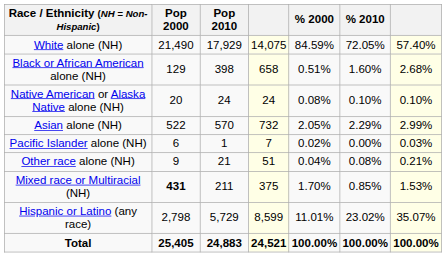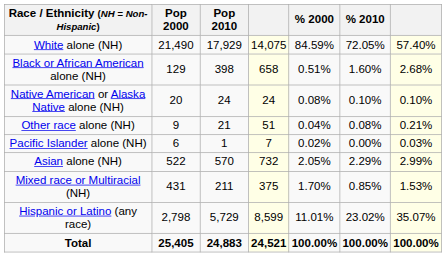 <table class="wikitable" style="text-align:center;">
 <tr>
 <th>Race / Ethnicity <small>(<em>NH = Non-Hispanic</em>)</small></th>
 <th>Pop 2000</th>
 <th>Pop 2010</th>
 <th></th>
 <th>% 2000</th>
 <th>% 2010</th>
 <th></th>
 </tr>
 <tr>
 <td><a href='#'>White</a> alone (NH)</td>
 <td>21,490</td>
 <td>17,929</td>
 <td style='background: #ffffe6;'>14,075</td>
 <td>84.59%</td>
 <td>72.05%</td>
 <td style='background: #ffffe6;'>57.40%</td>
 </tr>
 <tr>
 <td><a href='#'>Black or African American</a> alone (NH)</td>
 <td>129</td>
 <td>398</td>
 <td style='background: #ffffe6;'>658</td>
 <td>0.51%</td>
 <td>1.60%</td>
 <td style='background: #ffffe6;'>2.68%</td>
 </tr>
 <tr>
 <td><a href='#'>Native American</a> or <a href='#'>Alaska Native</a> alone (NH)</td>
 <td>20</td>
 <td>24</td>
 <td style='background: #ffffe6;'>24</td>
 <td>0.08%</td>
 <td>0.10%</td>
 <td style='background: #ffffe6;'>0.10%</td>
 </tr>
 <tr>
-<td><a href='#'>Asian</a> alone (NH)</td>
-<td>522</td>
-<td>570</td>
-<td style='background: #ffffe6;'>732</td>
-<td>2.05%</td>
-<td>2.29%</td>
-<td style='background: #ffffe6;'>2.99%</td>
+<td><a href='#'>Other race</a> alone (NH)</td>
+<td>9</td>
+<td>21</td>
+<td style='background: #ffffe6;'>51</td>
+<td>0.04%</td>
+<td>0.08%</td>
+<td style='background: #ffffe6;'>0.21%</td>
 </tr>
 <tr>
 <td><a href='#'>Pacific Islander</a> alone (NH)</td>
 <td>6</td>
 <td>1</td>
 <td style='background: #ffffe6;'>7</td>
 <td>0.02%</td>
 <td>0.00%</td>
 <td style='background: #ffffe6;'>0.03%</td>
 </tr>
 <tr>
-<td><a href='#'>Other race</a> alone (NH)</td>
-<td>9</td>
-<td>21</td>
-<td style='background: #ffffe6;'>51</td>
-<td>0.04%</td>
-<td>0.08%</td>
-<td style='background: #ffffe6;'>0.21%</td>
+<td><a href='#'>Asian</a> alone (NH)</td>
+<td>522</td>
+<td>570</td>
+<td style='background: #ffffe6;'>732</td>
+<td>2.05%</td>
+<td>2.29%</td>
+<td style='background: #ffffe6;'>2.99%</td>
 </tr>
 <tr>
 <td><a href='#'>Mixed race or Multiracial</a> (NH)</td>
-<td><strong>431</strong></td>
+<td>431</td>
 <td>211</td>
 <td style='background: #ffffe6;'>375</td>
 <td>1.70%</td>
 <td>0.85%</td>
 <td style='background: #ffffe6;'>1.53%</td>
 </tr>
 <tr>
 <td><a href='#'>Hispanic or Latino</a> (any race)</td>
 <td>2,798</td>
 <td>5,729</td>
 <td style='background: #ffffe6;'>8,599</td>
 <td>11.01%</td>
 <td>23.02%</td>
 <td style='background: #ffffe6;'>35.07%</td>
 </tr>
 <tr>
 <td><strong>Total</strong></td>
 <td><strong>25,405</strong></td>
 <td><strong>24,883</strong></td>
 <td style='background: #ffffe6;'><strong>24,521</strong></td>
 <td><strong>100.00%</strong></td>
 <td><strong>100.00%</strong></td>
 <td style='background: #ffffe6;'><strong>100.00%</strong></td>
 </tr>
 </table>
